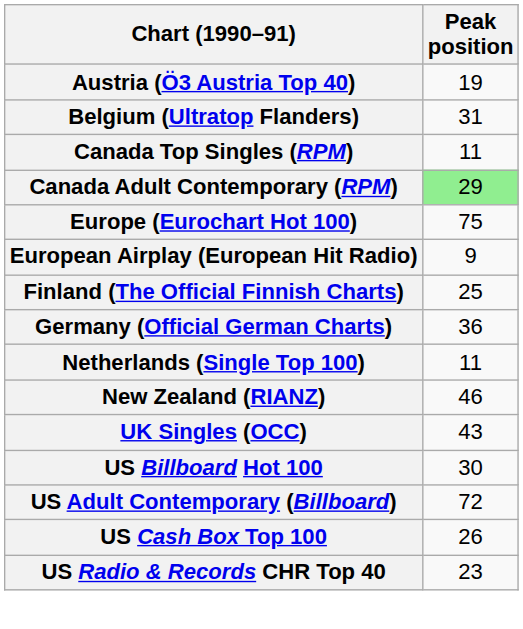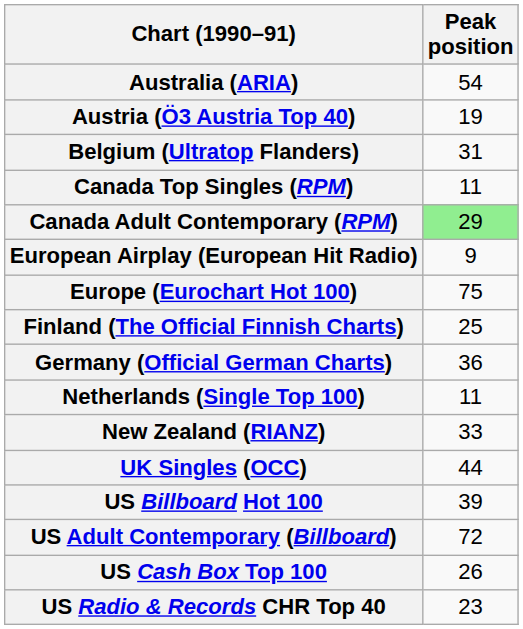 <table class="wikitable sortable plainrowheaders">
 <tr>
 <th scope="col">Chart (1990–91)</th>
 <th scope="col">Peak<br>position</th>
+</tr>
+<tr>
+<th scope="row">Australia (<a href='#'>ARIA</a>)</th>
+<td style="text-align:center;">54</td>
 </tr>
 <tr>
 <th scope="row">Austria (<a href='#'>Ö3 Austria Top 40</a>)</th>
 <td style="text-align:center;">19</td>
 </tr>
 <tr>
 <th scope="row">Belgium (<a href='#'>Ultratop</a> Flanders)</th>
 <td style="text-align:center;">31</td>
 </tr>
 <tr>
 <th scope="row">Canada Top Singles (<em><a href='#'>RPM</a></em>)</th>
 <td style="text-align:center;">11</td>
 </tr>
 <tr>
 <th scope="row">Canada Adult Contemporary (<em><a href='#'>RPM</a></em>)</th>
 <td style="background: lightgreen; text-align:center;">29</td>
 </tr>
 <tr>
+<th scope="row">European Airplay (European Hit Radio)</th>
+<td style="text-align:center;">9</td>
+</tr>
+<tr>
 <th scope="row">Europe (<a href='#'>Eurochart Hot 100</a>)</th>
 <td style="text-align:center;">75</td>
-</tr>
-<tr>
-<th scope="row">European Airplay (European Hit Radio)</th>
-<td style="text-align:center;">9</td>
 </tr>
 <tr>
 <th scope="row">Finland (<a href='#'>The Official Finnish Charts</a>)</th>
 <td style="text-align:center;">25</td>
 </tr>
 <tr>
 <th scope="row">Germany (<a href='#'>Official German Charts</a>)</th>
 <td style="text-align:center;">36</td>
 </tr>
 <tr>
 <th scope="row">Netherlands (<a href='#'>Single Top 100</a>)</th>
 <td style="text-align:center;">11</td>
 </tr>
 <tr>
 <th scope="row">New Zealand (<a href='#'>RIANZ</a>)</th>
-<td style="text-align:center;">46</td>
+<td style="text-align:center;">33</td>
 </tr>
 <tr>
 <th scope="row"><a href='#'>UK Singles</a> (<a href='#'>OCC</a>)</th>
-<td style="text-align:center;">43</td>
+<td style="text-align:center;">44</td>
 </tr>
 <tr>
 <th scope="row">US <em><a href='#'>Billboard</a></em> <a href='#'>Hot 100</a></th>
-<td style="text-align:center;">30</td>
+<td style="text-align:center;">39</td>
 </tr>
 <tr>
 <th scope="row">US <a href='#'>Adult Contemporary</a> (<em><a href='#'>Billboard</a></em>)</th>
 <td style="text-align:center;">72</td>
 </tr>
 <tr>
 <th scope="row">US <a href='#'><em>Cash Box</em> Top 100</a></th>
 <td style="text-align:center;">26</td>
 </tr>
 <tr>
 <th scope="row">US <em><a href='#'>Radio & Records</a></em> CHR Top 40</th>
 <td style="text-align:center;">23</td>
 </tr>
 </table>
